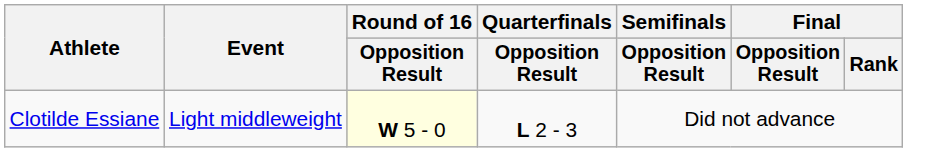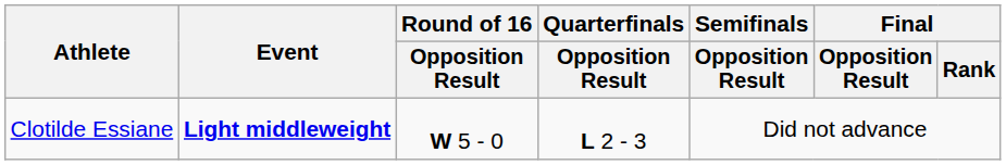 <table class="wikitable" style="font-size:90%; text-align:center">
 <tr>
 <th rowspan=2>Athlete</th>
 <th rowspan=2>Event</th>
 <th>Round of 16</th>
 <th>Quarterfinals</th>
 <th>Semifinals</th>
 <th colspan=2>Final</th>
 </tr>
 <tr style="font-size:95%">
 <th>Opposition<br>Result</th>
 <th>Opposition<br>Result</th>
 <th>Opposition<br>Result</th>
 <th>Opposition<br>Result</th>
 <th>Rank</th>
 </tr>
 <tr>
 <td align=left><a href='#'>Clotilde Essiane</a></td>
-<td align=left><a href='#'>Light middleweight</a></td>
-<td style="background: lightyellow;"><br><strong>W</strong> 5 - 0</td>
+<td align=left><strong><a href='#'>Light middleweight</a></strong></td>
+<td><br><strong>W</strong> 5 - 0</td>
 <td><br><strong>L</strong> 2 - 3</td>
 <td colspan=3>Did not advance</td>
 </tr>
 </table>
